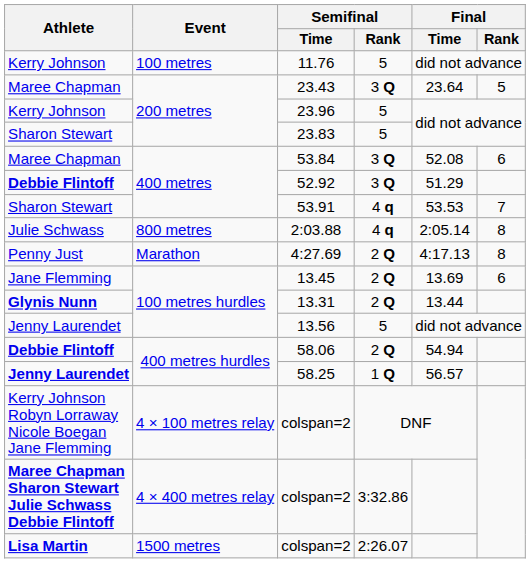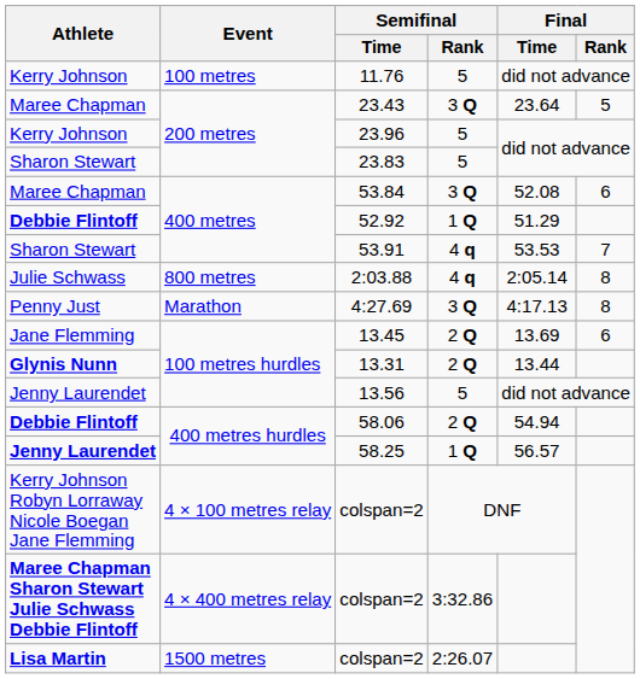 <table class="wikitable" style="font-size:90%">
 <tr>
 <th rowspan="2">Athlete</th>
 <th rowspan="2">Event</th>
 <th colspan="2">Semifinal</th>
 <th colspan="2">Final</th>
 </tr>
 <tr style="font-size:95%">
 <th>Time</th>
 <th>Rank</th>
 <th>Time</th>
 <th>Rank</th>
 </tr>
 <tr align=center>
 <td align=left><a href='#'>Kerry Johnson</a></td>
 <td align=left><a href='#'>100 metres</a></td>
 <td>11.76</td>
 <td>5</td>
 <td colspan=2>did not advance</td>
 </tr>
 <tr align=center>
 <td align=left><a href='#'>Maree Chapman</a></td>
 <td rowspan=3 align=left><a href='#'>200 metres</a></td>
 <td>23.43</td>
 <td>3 <strong>Q</strong></td>
 <td>23.64</td>
 <td>5</td>
 </tr>
 <tr align=center>
 <td align=left><a href='#'>Kerry Johnson</a></td>
 <td>23.96</td>
 <td>5</td>
 <td colspan=2 rowspan=2>did not advance</td>
 </tr>
 <tr align=center>
 <td align=left><a href='#'>Sharon Stewart</a></td>
 <td>23.83</td>
 <td>5</td>
 </tr>
 <tr align=center>
 <td align=left><a href='#'>Maree Chapman</a></td>
 <td rowspan=3 align=left><a href='#'>400 metres</a></td>
 <td>53.84</td>
 <td>3 <strong>Q</strong></td>
 <td>52.08</td>
 <td>6</td>
 </tr>
 <tr align=center>
 <td align=left><strong><a href='#'>Debbie Flintoff</a></strong></td>
 <td>52.92</td>
-<td>3 <strong>Q</strong></td>
+<td>1 <strong>Q</strong></td>
 <td>51.29</td>
 <td></td>
 </tr>
 <tr align=center>
 <td align=left><a href='#'>Sharon Stewart</a></td>
 <td>53.91</td>
 <td>4 <strong>q</strong></td>
 <td>53.53</td>
 <td>7</td>
 </tr>
 <tr align=center>
 <td align=left><a href='#'>Julie Schwass</a></td>
 <td align=left><a href='#'>800 metres</a></td>
 <td>2:03.88</td>
 <td>4 <strong>q</strong></td>
 <td>2:05.14</td>
 <td>8</td>
 </tr>
 <tr align=center>
 <td align=left><a href='#'>Penny Just</a></td>
 <td align=left><a href='#'>Marathon</a></td>
 <td>4:27.69</td>
-<td>2 <strong>Q</strong></td>
+<td>3 <strong>Q</strong></td>
 <td>4:17.13</td>
 <td>8</td>
 </tr>
 <tr align=center>
 <td align=left><a href='#'>Jane Flemming</a></td>
 <td rowspan=3 align=left><a href='#'>100 metres hurdles</a></td>
 <td>13.45</td>
 <td>2 <strong>Q</strong></td>
 <td>13.69</td>
 <td>6</td>
 </tr>
 <tr align=center>
 <td align=left><strong><a href='#'>Glynis Nunn</a></strong></td>
 <td>13.31</td>
 <td>2 <strong>Q</strong></td>
 <td>13.44</td>
 <td></td>
 </tr>
 <tr align=center>
 <td align=left><a href='#'>Jenny Laurendet</a></td>
 <td>13.56</td>
 <td>5</td>
 <td colspan=2>did not advance</td>
 </tr>
 <tr align=center>
 <td align=left><strong><a href='#'>Debbie Flintoff</a></strong></td>
 <td rowspan=2><a href='#'>400 metres hurdles</a></td>
 <td>58.06</td>
 <td>2 <strong>Q</strong></td>
 <td>54.94</td>
 <td></td>
 </tr>
 <tr align=center>
 <td align=left><strong><a href='#'>Jenny Laurendet</a></strong></td>
 <td>58.25</td>
 <td>1 <strong>Q</strong></td>
 <td>56.57</td>
 <td></td>
 </tr>
 <tr align=center>
 <td align=left><a href='#'>Kerry Johnson</a><br><a href='#'>Robyn Lorraway</a><br><a href='#'>Nicole Boegan</a><br><a href='#'>Jane Flemming</a></td>
 <td align=left><a href='#'>4 × 100 metres relay</a></td>
 <td>colspan=2 </td>
 <td colspan=2>DNF</td>
 </tr>
 <tr align=center>
 <td align=left><strong><a href='#'>Maree Chapman</a></strong><br><strong><a href='#'>Sharon Stewart</a></strong><br><strong><a href='#'>Julie Schwass</a></strong><br><strong><a href='#'>Debbie Flintoff</a></strong></td>
 <td align=left><a href='#'>4 × 400 metres relay</a></td>
 <td>colspan=2 </td>
 <td>3:32.86</td>
 <td></td>
 </tr>
 <tr align=center>
 <td align=left><strong><a href='#'>Lisa Martin</a></strong></td>
 <td align=left><a href='#'>1500 metres</a></td>
 <td>colspan=2 </td>
 <td>2:26.07</td>
 <td></td>
 </tr>
 </table>
